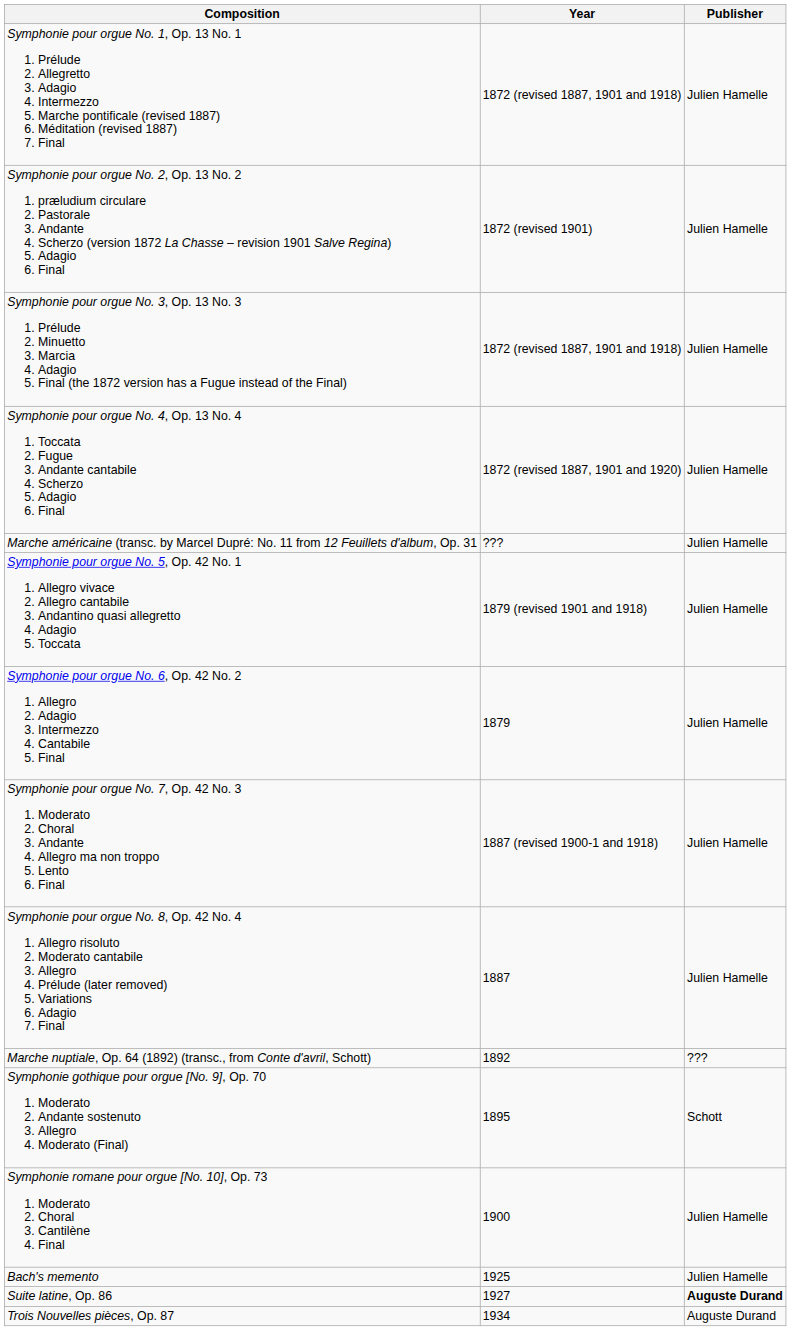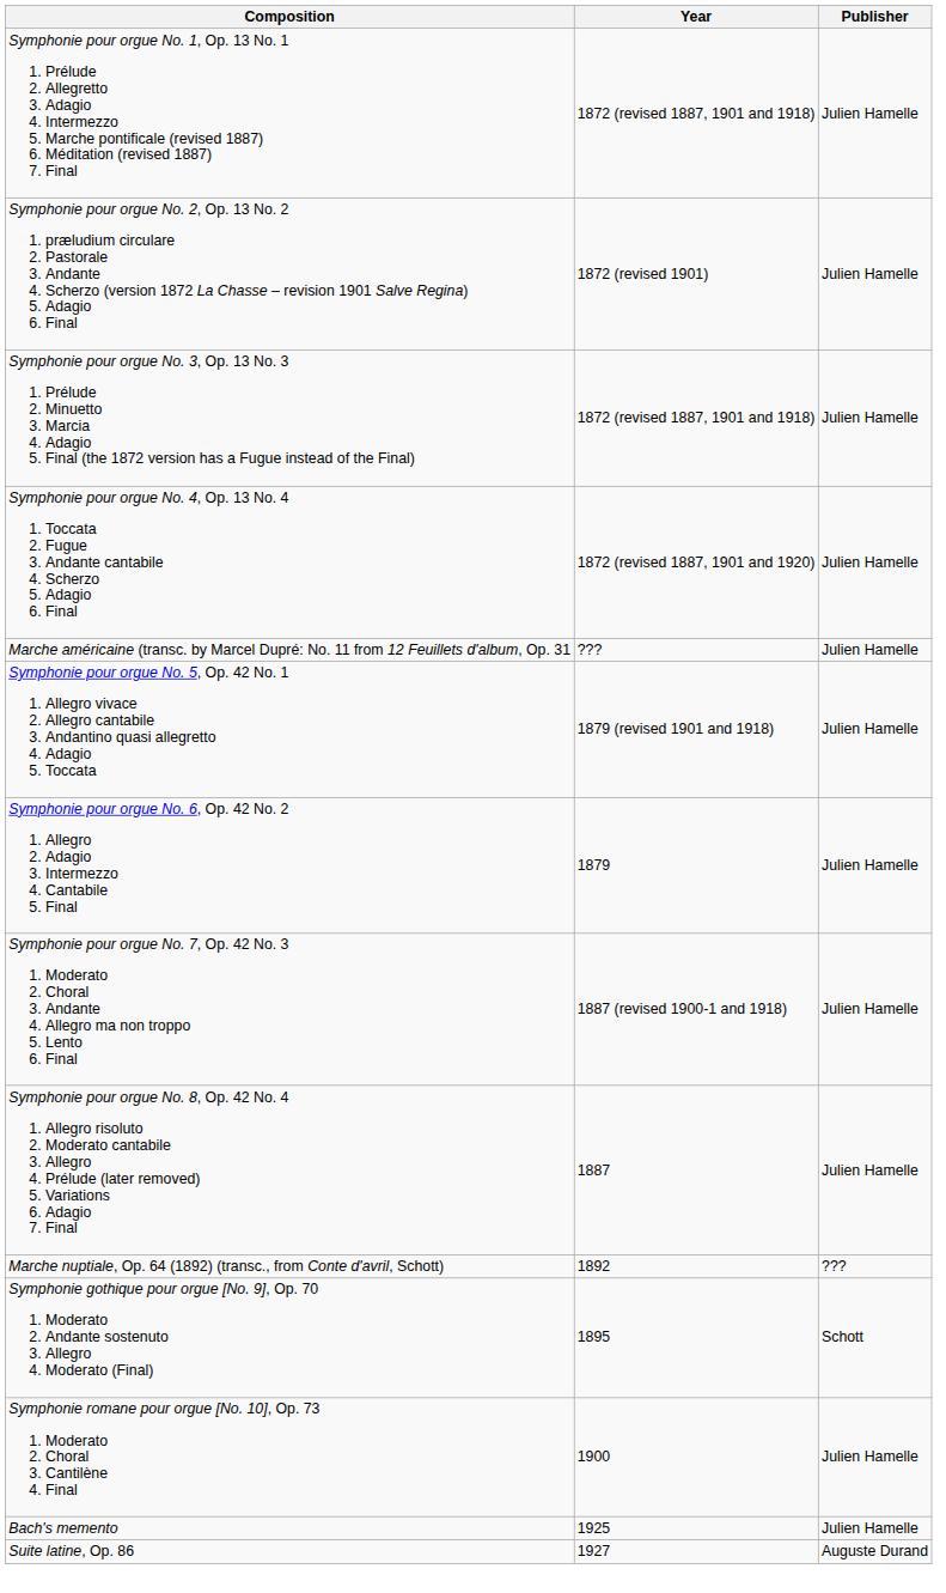 <table class="wikitable sortable">
 <tr>
 <th>Composition</th>
 <th>Year</th>
 <th>Publisher</th>
 </tr>
 <tr>
 <td><em>Symphonie pour orgue No. 1</em>, Op. 13 No. 1<br><ol><li>Prélude</li><li>Allegretto</li><li>Adagio</li><li>Intermezzo</li><li>Marche pontificale (revised 1887)</li><li>Méditation (revised 1887)</li><li>Final</li></ol></td>
 <td>1872 (revised 1887, 1901 and 1918)</td>
 <td>Julien Hamelle</td>
 </tr>
 <tr>
 <td><em>Symphonie pour orgue No. 2</em>, Op. 13 No. 2<br><ol><li>præludium circulare</li><li>Pastorale</li><li>Andante</li><li>Scherzo (version 1872 <em>La Chasse</em> – revision 1901 <em>Salve Regina</em>)</li><li>Adagio</li><li>Final</li></ol></td>
 <td>1872 (revised 1901)</td>
 <td>Julien Hamelle</td>
 </tr>
 <tr>
 <td><em>Symphonie pour orgue No. 3</em>, Op. 13 No. 3<br><ol><li>Prélude</li><li>Minuetto</li><li>Marcia</li><li>Adagio</li><li>Final (the 1872 version has a Fugue instead of the Final)</li></ol></td>
 <td>1872 (revised 1887, 1901 and 1918)</td>
 <td>Julien Hamelle</td>
 </tr>
 <tr>
 <td><em>Symphonie pour orgue No. 4</em>, Op. 13 No. 4<br><ol><li>Toccata</li><li>Fugue</li><li>Andante cantabile</li><li>Scherzo</li><li>Adagio</li><li>Final</li></ol></td>
 <td>1872 (revised 1887, 1901 and 1920)</td>
 <td>Julien Hamelle</td>
 </tr>
 <tr>
 <td><em>Marche américaine</em> (transc. by Marcel Dupré: No. 11 from <em>12 Feuillets d'album</em>, Op. 31</td>
 <td>???</td>
 <td>Julien Hamelle</td>
 </tr>
 <tr>
 <td><em><a href='#'>Symphonie pour orgue No. 5</a></em>, Op. 42 No. 1<br><ol><li>Allegro vivace</li><li>Allegro cantabile</li><li>Andantino quasi allegretto</li><li>Adagio</li><li>Toccata</li></ol></td>
 <td>1879 (revised 1901 and 1918)</td>
 <td>Julien Hamelle</td>
 </tr>
 <tr>
 <td><em><a href='#'>Symphonie pour orgue No. 6</a></em>, Op. 42 No. 2<br><ol><li>Allegro</li><li>Adagio</li><li>Intermezzo</li><li>Cantabile</li><li>Final</li></ol></td>
 <td>1879</td>
 <td>Julien Hamelle</td>
 </tr>
 <tr>
 <td><em>Symphonie pour orgue No. 7</em>, Op. 42 No. 3<br><ol><li>Moderato</li><li>Choral</li><li>Andante</li><li>Allegro ma non troppo</li><li>Lento</li><li>Final</li></ol></td>
 <td>1887 (revised 1900-1 and 1918)</td>
 <td>Julien Hamelle</td>
 </tr>
 <tr>
 <td><em>Symphonie pour orgue No. 8</em>, Op. 42 No. 4<br><ol><li>Allegro risoluto</li><li>Moderato cantabile</li><li>Allegro</li><li>Prélude (later removed)</li><li>Variations</li><li>Adagio</li><li>Final</li></ol></td>
 <td>1887</td>
 <td>Julien Hamelle</td>
 </tr>
 <tr>
 <td><em>Marche nuptiale</em>, Op. 64 (1892) (transc., from <em>Conte d'avril</em>, Schott)</td>
 <td>1892</td>
 <td>???</td>
 </tr>
 <tr>
 <td><em>Symphonie gothique pour orgue [No. 9]</em>, Op. 70<br><ol><li>Moderato</li><li>Andante sostenuto</li><li>Allegro</li><li>Moderato (Final)</li></ol></td>
 <td>1895</td>
 <td>Schott</td>
 </tr>
 <tr>
 <td><em>Symphonie romane pour orgue [No. 10]</em>, Op. 73<br><ol><li>Moderato</li><li>Choral</li><li>Cantilène</li><li>Final</li></ol></td>
 <td>1900</td>
 <td>Julien Hamelle</td>
 </tr>
 <tr>
 <td><em>Bach's memento</em></td>
 <td>1925</td>
 <td>Julien Hamelle</td>
 </tr>
 <tr>
 <td><em>Suite latine</em>, Op. 86</td>
 <td>1927</td>
-<td><strong>Auguste Durand</strong></td>
-</tr>
-<tr>
-<td><em>Trois Nouvelles pièces</em>, Op. 87</td>
-<td>1934</td>
 <td>Auguste Durand</td>
 </tr>
 </table>
